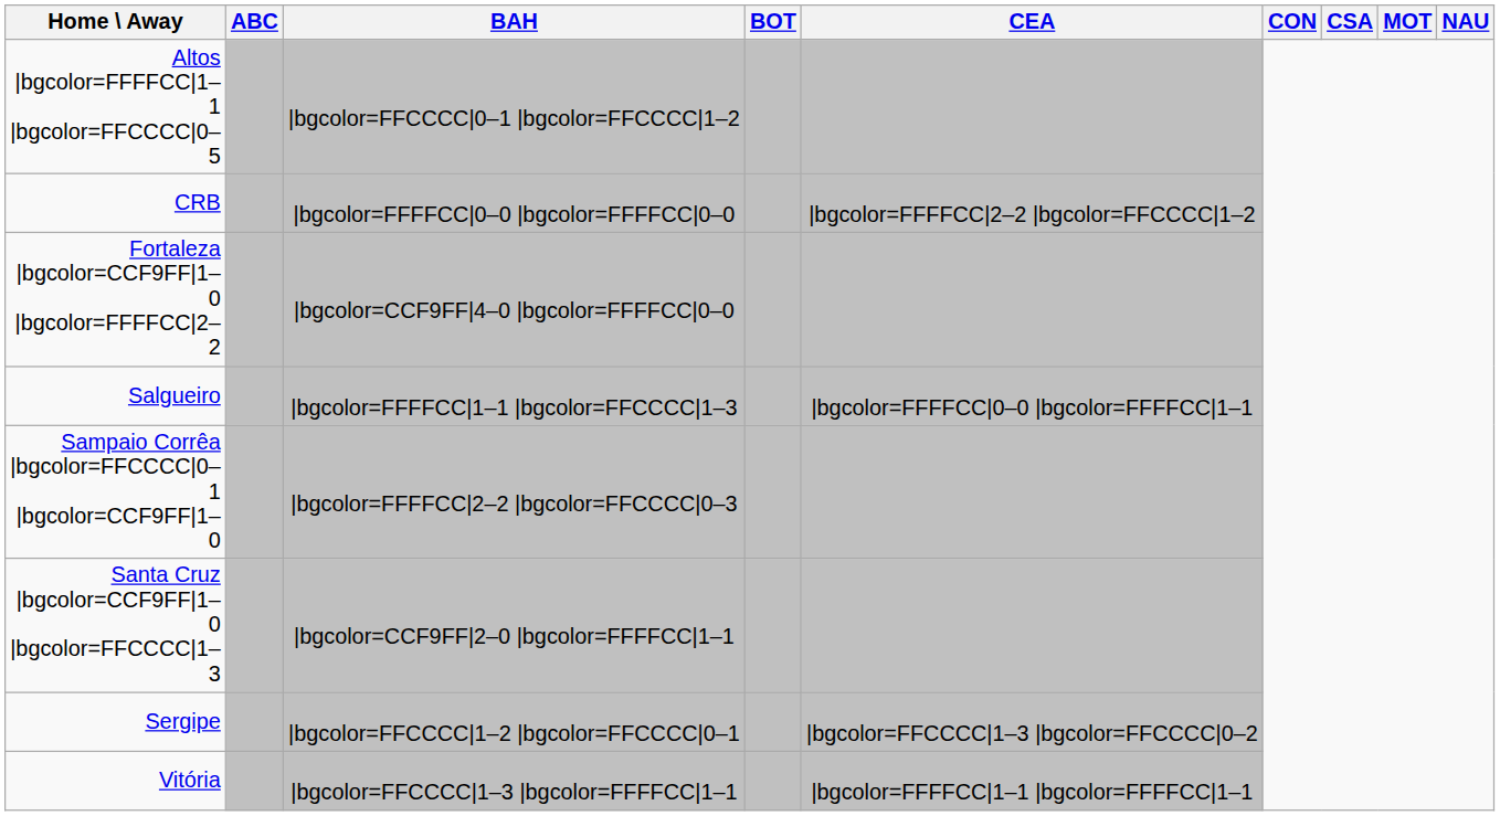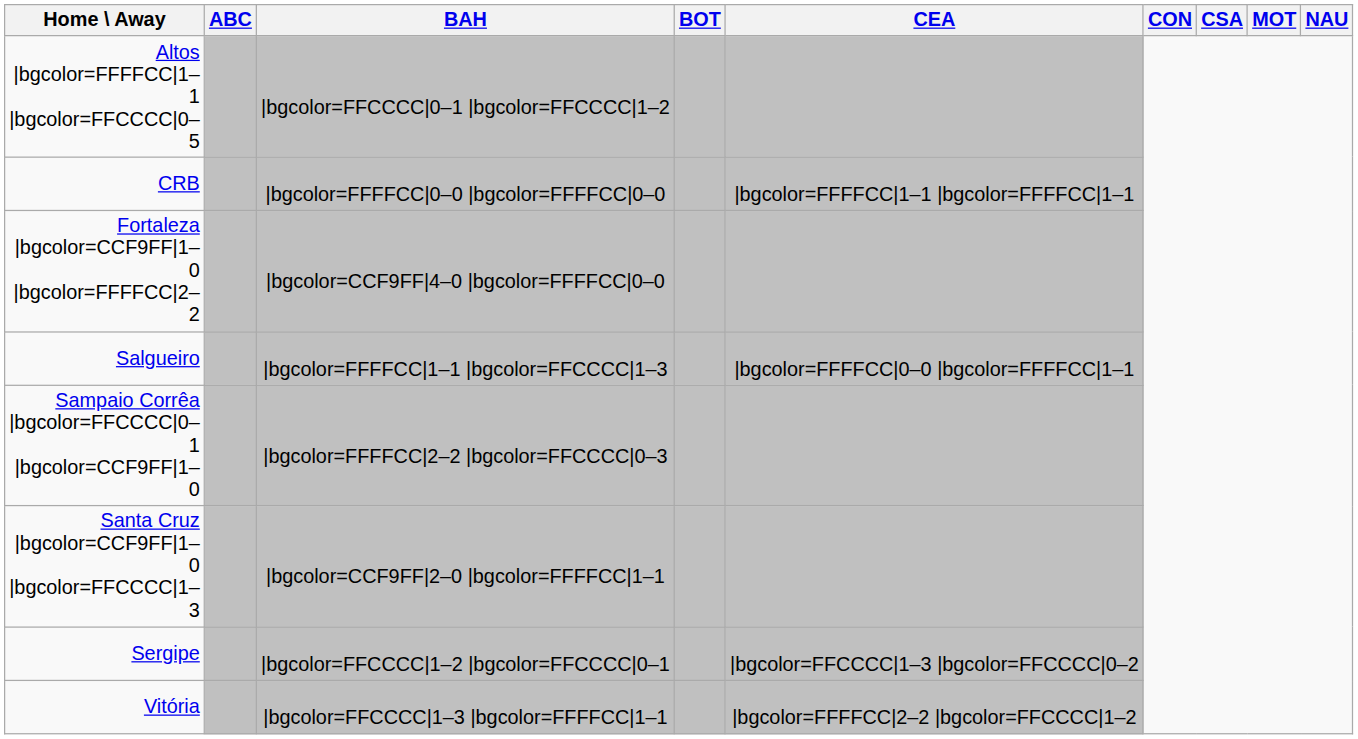 <table class="wikitable" style="text-align: center">
 <tr>
 <th width=135>Home \ Away</th>
 <th><a href='#'>ABC</a></th>
 <th><a href='#'>BAH</a></th>
 <th><a href='#'>BOT</a></th>
 <th><a href='#'>CEA</a></th>
 <th><a href='#'>CON</a></th>
 <th><a href='#'>CSA</a></th>
 <th><a href='#'>MOT</a></th>
 <th><a href='#'>NAU</a></th>
 </tr>
 <tr>
 <td style="text-align:right"> <a href='#'>Altos</a><br>|bgcolor=FFFFCC|1–1 |bgcolor=FFCCCC|0–5</td>
 <td bgcolor=silver></td>
 <td bgcolor=silver><br>|bgcolor=FFCCCC|0–1 |bgcolor=FFCCCC|1–2</td>
 <td bgcolor=silver></td>
 <td bgcolor=silver></td>
 </tr>
 <tr>
 <td style="text-align:right"> <a href='#'>CRB</a></td>
 <td bgcolor=silver></td>
 <td bgcolor=silver><br>|bgcolor=FFFFCC|0–0 |bgcolor=FFFFCC|0–0</td>
 <td bgcolor=silver></td>
-<td bgcolor=silver><br>|bgcolor=FFFFCC|2–2 |bgcolor=FFCCCC|1–2</td>
+<td bgcolor=silver><br>|bgcolor=FFFFCC|1–1 |bgcolor=FFFFCC|1–1</td>
 </tr>
 <tr>
 <td style="text-align:right"> <a href='#'>Fortaleza</a><br>|bgcolor=CCF9FF|1–0 |bgcolor=FFFFCC|2–2</td>
 <td bgcolor=silver></td>
 <td bgcolor=silver><br>|bgcolor=CCF9FF|4–0 |bgcolor=FFFFCC|0–0</td>
 <td bgcolor=silver></td>
 <td bgcolor=silver></td>
 </tr>
 <tr>
 <td style="text-align:right"> <a href='#'>Salgueiro</a></td>
 <td bgcolor=silver></td>
 <td bgcolor=silver><br>|bgcolor=FFFFCC|1–1 |bgcolor=FFCCCC|1–3</td>
 <td bgcolor=silver></td>
 <td bgcolor=silver><br>|bgcolor=FFFFCC|0–0 |bgcolor=FFFFCC|1–1</td>
 </tr>
 <tr>
 <td style="text-align:right"> <a href='#'>Sampaio Corrêa</a><br>|bgcolor=FFCCCC|0–1 |bgcolor=CCF9FF|1–0</td>
 <td bgcolor=silver></td>
 <td bgcolor=silver><br>|bgcolor=FFFFCC|2–2 |bgcolor=FFCCCC|0–3</td>
 <td bgcolor=silver></td>
 <td bgcolor=silver></td>
 </tr>
 <tr>
 <td style="text-align:right"> <a href='#'>Santa Cruz</a><br>|bgcolor=CCF9FF|1–0 |bgcolor=FFCCCC|1–3</td>
 <td bgcolor=silver></td>
 <td bgcolor=silver><br>|bgcolor=CCF9FF|2–0 |bgcolor=FFFFCC|1–1</td>
 <td bgcolor=silver></td>
 <td bgcolor=silver></td>
 </tr>
 <tr>
 <td style="text-align:right"> <a href='#'>Sergipe</a></td>
 <td bgcolor=silver></td>
 <td bgcolor=silver><br>|bgcolor=FFCCCC|1–2 |bgcolor=FFCCCC|0–1</td>
 <td bgcolor=silver></td>
 <td bgcolor=silver><br>|bgcolor=FFCCCC|1–3 |bgcolor=FFCCCC|0–2</td>
 </tr>
 <tr>
 <td style="text-align:right"> <a href='#'>Vitória</a></td>
 <td bgcolor=silver></td>
 <td bgcolor=silver><br>|bgcolor=FFCCCC|1–3 |bgcolor=FFFFCC|1–1</td>
 <td bgcolor=silver></td>
-<td bgcolor=silver><br>|bgcolor=FFFFCC|1–1 |bgcolor=FFFFCC|1–1</td>
+<td bgcolor=silver><br>|bgcolor=FFFFCC|2–2 |bgcolor=FFCCCC|1–2</td>
 </tr>
 </table>
